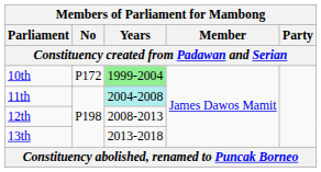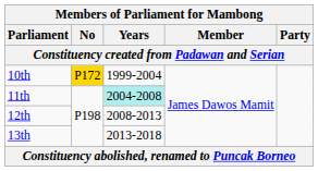 <table class=wikitable>
 <tr>
 <th colspan="5">Members of Parliament for Mambong</th>
 </tr>
 <tr>
 <th>Parliament</th>
 <th>No</th>
 <th>Years</th>
 <th>Member</th>
 <th>Party</th>
 </tr>
 <tr>
 <th colspan="5" align="center"><em>Constituency created from <a href='#'>Padawan</a> and  <a href='#'>Serian</a></em></th>
 </tr>
 <tr>
 <td><a href='#'>10th</a></td>
-<td>P172</td>
-<td style="background: lightgreen;">1999-2004</td>
+<td style="background: gold;">P172</td>
+<td>1999-2004</td>
 <td rowspan=4><a href='#'>James Dawos Mamit</a></td>
 <td rowspan=4></td>
 </tr>
 <tr>
 <td><a href='#'>11th</a></td>
 <td rowspan="3">P198</td>
 <td style="background: paleturquoise;">2004-2008</td>
 </tr>
 <tr>
 <td><a href='#'>12th</a></td>
 <td>2008-2013</td>
 </tr>
 <tr>
 <td><a href='#'>13th</a></td>
 <td>2013-2018</td>
 </tr>
 <tr>
 <th colspan="5" align="center"><em>Constituency abolished, renamed to <a href='#'>Puncak Borneo</a></em></th>
 </tr>
 </table>
